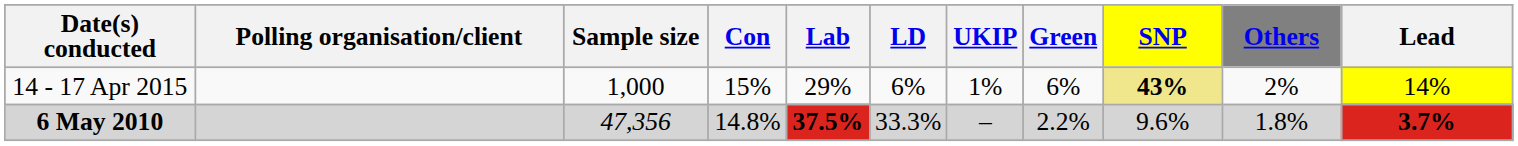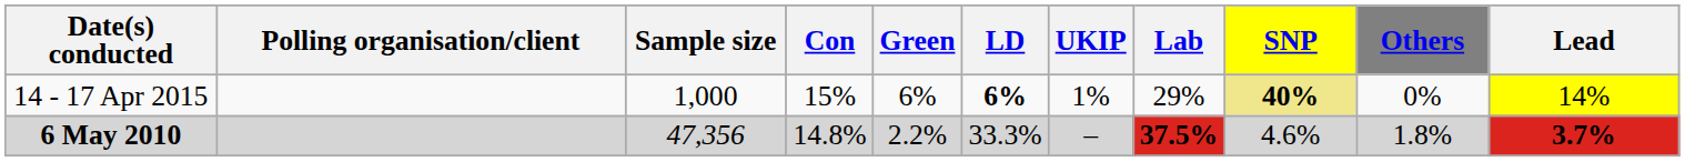 <table class="wikitable sortable" style="text-align:center;font-size:90%;line-height:14px">
 <tr>
 <th ! style="width:100px;">Date(s)<br>conducted</th>
 <th style="width:200px;">Polling organisation/client</th>
 <th class="unsortable" style="width:75px;">Sample size</th>
 <th class="unsortable" style="background:"><a href='#'><span>Con</span></a></th>
-<th class="unsortable" style="background:"><a href='#'><span>Lab</span></a></th>
+<th class="unsortable" style="background:"><a href='#'><span>Green</span></a></th>
 <th class="unsortable" style="background:"><a href='#'><span>LD</span></a></th>
 <th class="unsortable" style="background:"><a href='#'><span>UKIP</span></a></th>
-<th class="unsortable" style="background:"><a href='#'><span>Green</span></a></th>
+<th class="unsortable" style="background:"><a href='#'><span>Lab</span></a></th>
 <th class="unsortable" style="background:#ffff00; width:60px;"><a href='#'><span>SNP</span></a></th>
 <th class="unsortable" style="background:gray; width:60px;"><a href='#'><span>Others</span></a></th>
 <th class="unsortable" style="width:90px;">Lead</th>
 </tr>
 <tr>
 <td>14 - 17 Apr 2015</td>
 <td> </td>
 <td>1,000</td>
 <td>15%</td>
+<td>6%</td>
+<td><strong>6%</strong></td>
+<td>1%</td>
 <td>29%</td>
-<td>6%</td>
-<td>1%</td>
-<td>6%</td>
-<td style="background:khaki"><strong>43%</strong></td>
-<td>2%</td>
+<td style="background:khaki"><strong>40%</strong></td>
+<td>0%</td>
 <td style="background:#ff0"><span>14% </span></td>
 </tr>
 <tr>
 <td style="background:#D5D5D5"><strong>6 May 2010</strong></td>
 <td style="background:#D5D5D5"></td>
 <td style="background:#D5D5D5"><em>47,356</em></td>
 <td style="background:#D5D5D5">14.8%</td>
-<td style="background:#dc241f"><span><strong>37.5%</strong></span></td>
+<td style="background:#D5D5D5">2.2%</td>
 <td style="background:#D5D5D5">33.3%</td>
 <td style="background:#D5D5D5">–</td>
-<td style="background:#D5D5D5">2.2%</td>
-<td style="background:#D5D5D5">9.6%</td>
+<td style="background:#dc241f"><span><strong>37.5%</strong></span></td>
+<td style="background:#D5D5D5">4.6%</td>
 <td style="background:#D5D5D5">1.8%</td>
 <td style="background:#dc241f"><span><strong>3.7% </strong></span></td>
 </tr>
 </table>
